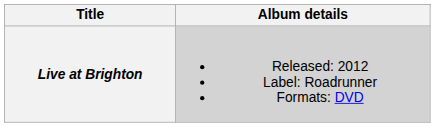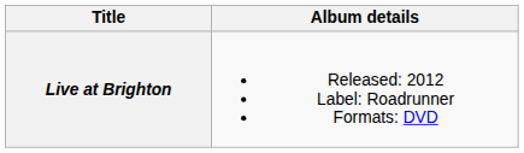 <table class="wikitable plainrowheaders" style="text-align:center;">
 <tr>
 <th scope="col" style="width:12em;">Title</th>
 <th scope="col" style="width:18em;">Album details</th>
 </tr>
 <tr>
 <th scope="row"><em>Live at Brighton</em></th>
-<td style="background: lightgrey;"><br><ul><li>Released: 2012</li><li>Label: Roadrunner</li><li>Formats: <a href='#'>DVD</a></li></ul></td>
+<td><br><ul><li>Released: 2012</li><li>Label: Roadrunner</li><li>Formats: <a href='#'>DVD</a></li></ul></td>
 </tr>
 </table>
